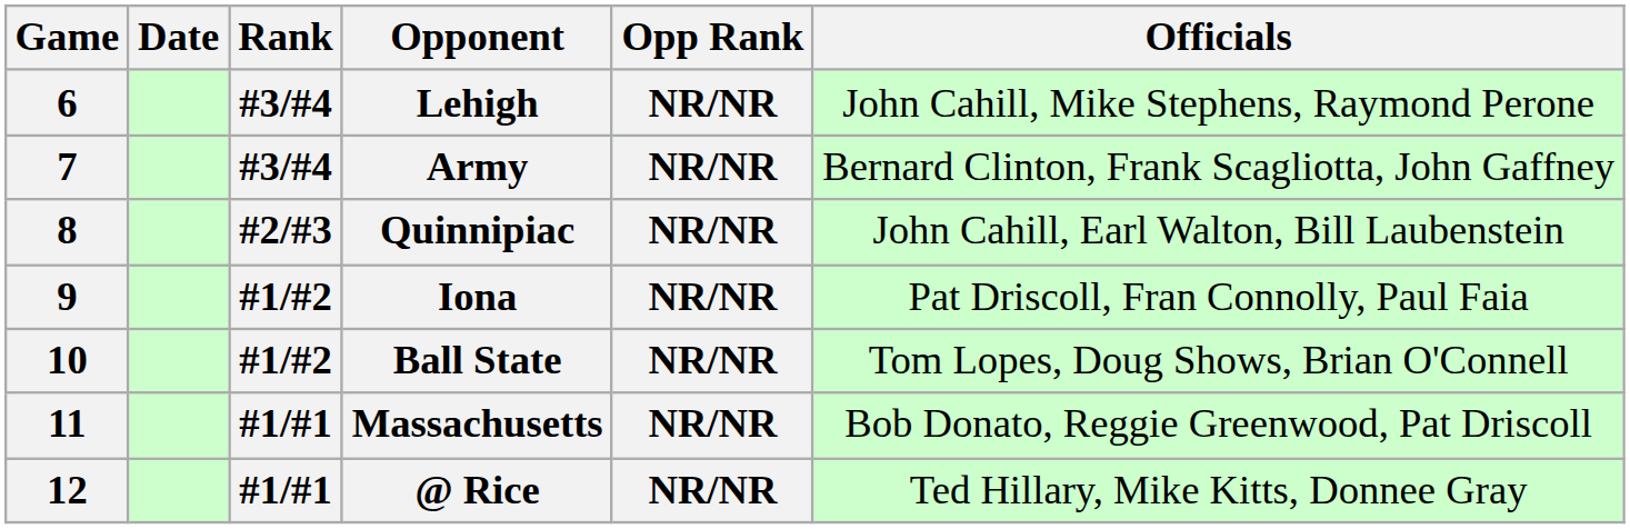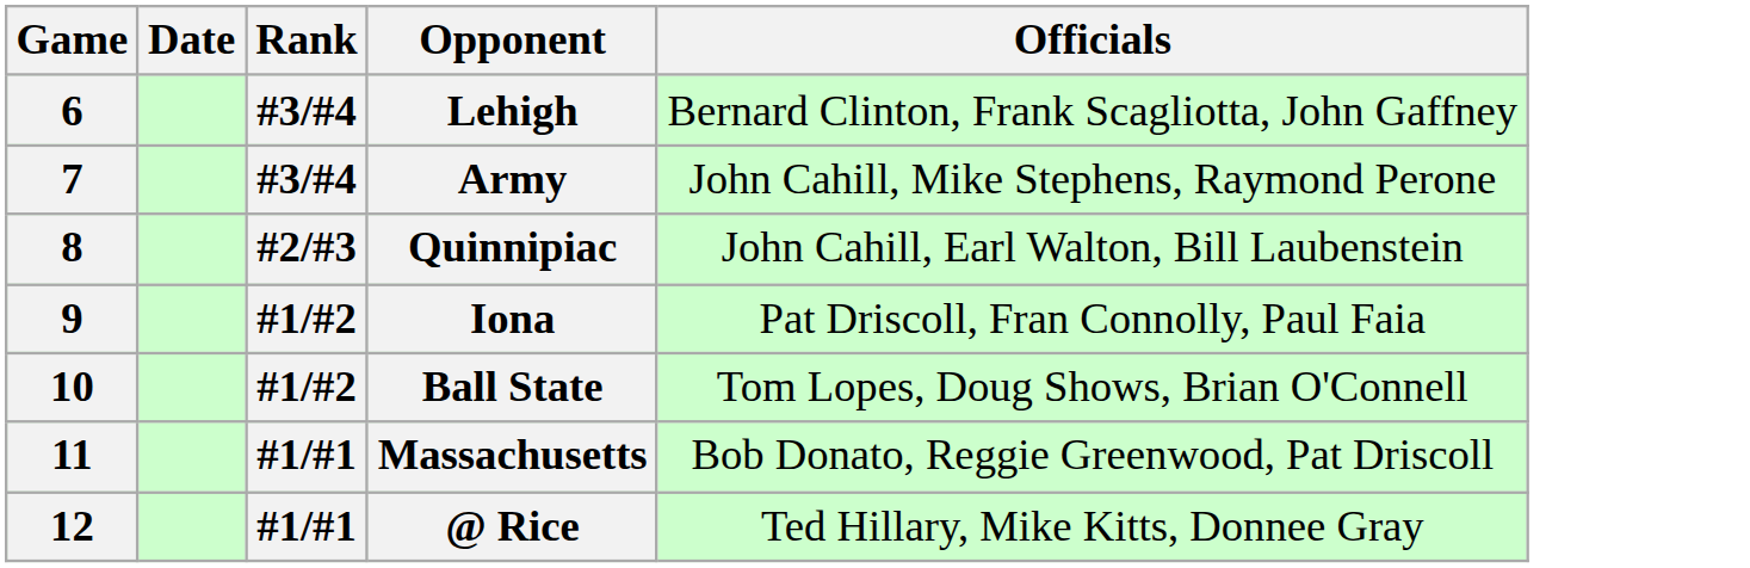 <table class="wikitable">
 <tr>
 <th>Game</th>
 <th>Date</th>
 <th>Rank</th>
 <th>Opponent</th>
-<th>Opp Rank</th>
 <th>Officials</th>
 </tr>
 <tr align="center" bgcolor="#ccffcc">
 <th>6</th>
 <td></td>
 <th>#3/#4</th>
 <th>Lehigh</th>
-<th>NR/NR</th>
-<td>John Cahill, Mike Stephens, Raymond Perone</td>
+<td>Bernard Clinton, Frank Scagliotta, John Gaffney</td>
 </tr>
 <tr align="center" bgcolor="#ccffcc">
 <th>7</th>
 <td></td>
 <th>#3/#4</th>
 <th>Army</th>
-<th>NR/NR</th>
-<td>Bernard Clinton, Frank Scagliotta, John Gaffney</td>
+<td>John Cahill, Mike Stephens, Raymond Perone</td>
 </tr>
 <tr align="center" bgcolor="#ccffcc">
 <th>8</th>
 <td></td>
 <th>#2/#3</th>
 <th>Quinnipiac</th>
-<th>NR/NR</th>
 <td>John Cahill, Earl Walton, Bill Laubenstein</td>
 </tr>
 <tr align="center" bgcolor="#ccffcc">
 <th>9</th>
 <td></td>
 <th>#1/#2</th>
 <th>Iona</th>
-<th>NR/NR</th>
 <td>Pat Driscoll, Fran Connolly, Paul Faia</td>
 </tr>
 <tr align="center" bgcolor="#ccffcc">
 <th>10</th>
 <td></td>
 <th>#1/#2</th>
 <th>Ball State</th>
-<th>NR/NR</th>
 <td>Tom Lopes, Doug Shows, Brian O'Connell</td>
 </tr>
 <tr align="center" bgcolor="#ccffcc">
 <th>11</th>
 <td></td>
 <th>#1/#1</th>
 <th>Massachusetts</th>
-<th>NR/NR</th>
 <td>Bob Donato, Reggie Greenwood, Pat Driscoll</td>
 </tr>
 <tr align="center" bgcolor="#ccffcc">
 <th>12</th>
 <td></td>
 <th>#1/#1</th>
 <th>@ Rice</th>
-<th>NR/NR</th>
 <td>Ted Hillary, Mike Kitts, Donnee Gray</td>
 </tr>
 </table>
